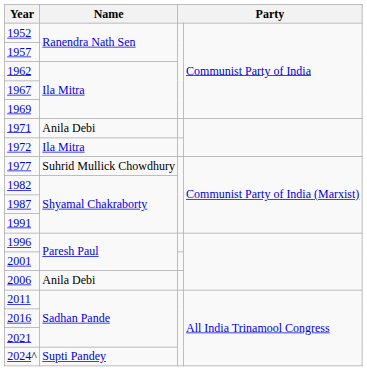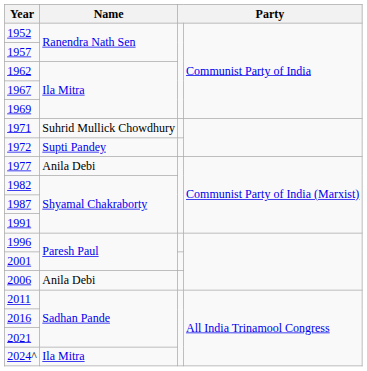 <table class="wikitable sortable">
 <tr>
 <th>Year</th>
 <th>Name</th>
 <th colspan="2">Party</th>
 </tr>
 <tr>
 <td><a href='#'>1952</a></td>
 <td rowspan="2"><a href='#'>Ranendra Nath Sen</a></td>
 <td rowspan="5" style="background-color: "></td>
 <td rowspan="5"><a href='#'>Communist Party of India</a></td>
 </tr>
 <tr>
 <td><a href='#'>1957</a></td>
 </tr>
 <tr>
 <td><a href='#'>1962</a></td>
 <td rowspan="3"><a href='#'>Ila Mitra</a></td>
 </tr>
 <tr>
 <td><a href='#'>1967</a></td>
 </tr>
 <tr>
 <td><a href='#'>1969</a></td>
 </tr>
 <tr>
 <td><a href='#'>1971</a></td>
-<td>Anila Debi</td>
+<td>Suhrid Mullick Chowdhury</td>
 <td></td>
 </tr>
 <tr>
 <td><a href='#'>1972</a></td>
-<td><a href='#'>Ila Mitra</a></td>
+<td><a href='#'>Supti Pandey</a></td>
 <td></td>
 </tr>
 <tr>
 <td><a href='#'>1977</a></td>
-<td>Suhrid Mullick Chowdhury</td>
+<td>Anila Debi</td>
 <td rowspan="4" style="background-color: "></td>
 <td rowspan="4"><a href='#'>Communist Party of India (Marxist)</a></td>
 </tr>
 <tr>
 <td><a href='#'>1982</a></td>
 <td rowspan="3"><a href='#'>Shyamal Chakraborty</a></td>
 </tr>
 <tr>
 <td><a href='#'>1987</a></td>
 </tr>
 <tr>
 <td><a href='#'>1991</a></td>
 </tr>
 <tr>
 <td><a href='#'>1996</a></td>
 <td rowspan="2"><a href='#'>Paresh Paul</a></td>
 <td></td>
 </tr>
 <tr>
 <td><a href='#'>2001</a></td>
 <td></td>
 </tr>
 <tr>
 <td><a href='#'>2006</a></td>
 <td>Anila Debi</td>
 <td></td>
 </tr>
 <tr>
 <td><a href='#'>2011</a></td>
 <td rowspan="3"><a href='#'>Sadhan Pande</a></td>
 <td rowspan="4" style="background-color: "></td>
 <td rowspan="4"><a href='#'>All India Trinamool Congress</a></td>
 </tr>
 <tr>
 <td><a href='#'>2016</a></td>
 </tr>
 <tr>
 <td><a href='#'>2021</a></td>
 </tr>
 <tr>
 <td><a href='#'>2024</a>^</td>
-<td><a href='#'>Supti Pandey</a></td>
+<td><a href='#'>Ila Mitra</a></td>
 </tr>
 </table>
